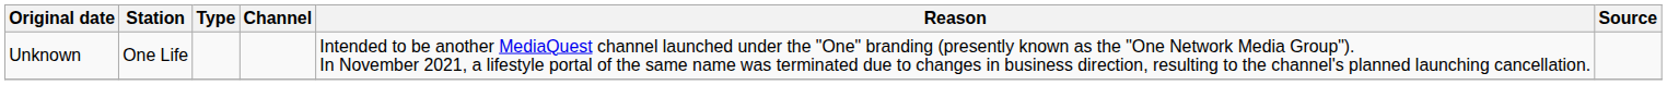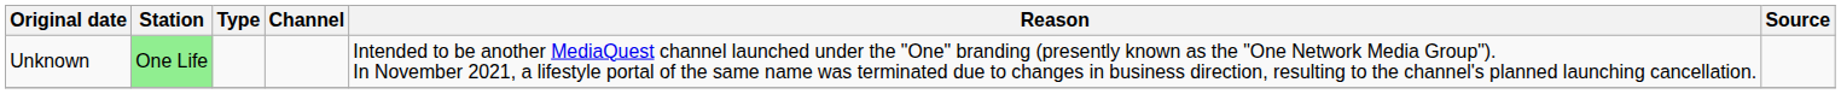 <table class="wikitable">
 <tr>
 <th>Original date</th>
 <th>Station</th>
 <th>Type</th>
 <th>Channel</th>
 <th>Reason</th>
 <th>Source</th>
 </tr>
 <tr>
 <td>Unknown</td>
-<td>One Life</td>
+<td style="background: lightgreen;">One Life</td>
 <td></td>
 <td></td>
 <td>Intended to be another <a href='#'>MediaQuest</a> channel launched under the "One" branding (presently known as the "One Network Media Group").<br>In November 2021, a lifestyle portal of the same name was terminated due to changes in business direction, resulting to the channel's planned launching cancellation.</td>
 <td></td>
 </tr>
 <tr>
 </tr>
 </table>
